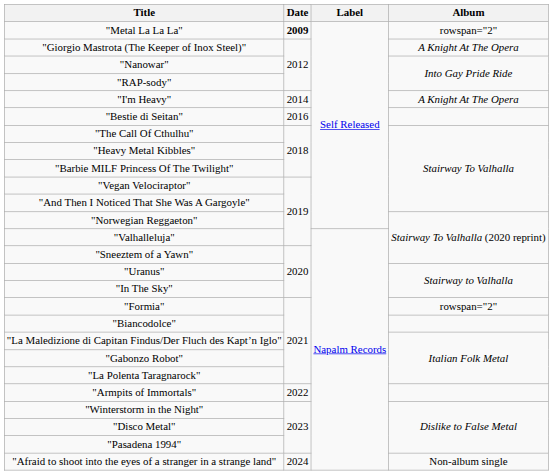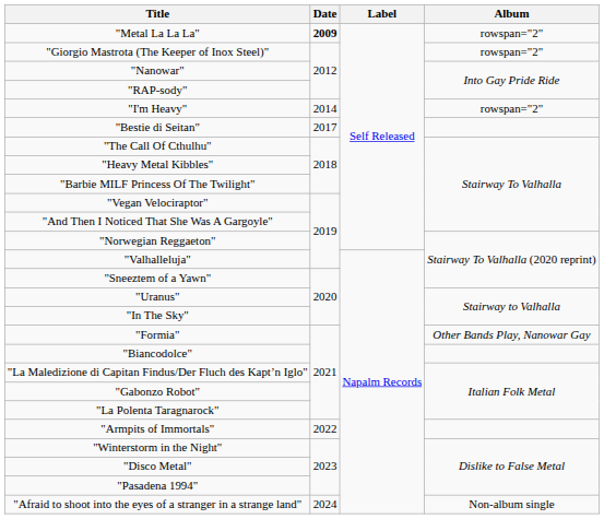 <table class="wikitable plainrowheaders" style="text-align:center;">
 <tr>
 <th>Title</th>
 <th>Date</th>
 <th>Label</th>
 <th>Album</th>
 </tr>
 <tr>
 <td>"Metal La La La"</td>
 <td><strong>2009</strong></td>
 <td rowspan="12"><a href='#'>Self Released</a></td>
 <td>rowspan="2" </td>
 </tr>
 <tr>
 <td>"Giorgio Mastrota (The Keeper of Inox Steel)"</td>
 <td rowspan="3">2012</td>
-<td><em>A Knight At The Opera</em></td>
+<td>rowspan="2" </td>
 </tr>
 <tr>
 <td>"Nanowar"</td>
 <td rowspan="2"><em>Into Gay Pride Ride</em></td>
 </tr>
 <tr>
 <td>"RAP-sody" </td>
 </tr>
 <tr>
 <td>"I'm Heavy" </td>
 <td>2014</td>
-<td><em>A Knight At The Opera</em></td>
+<td>rowspan="2" </td>
 </tr>
 <tr>
 <td>"Bestie di Seitan"</td>
-<td>2016</td>
+<td>2017</td>
 </tr>
 <tr>
 <td>"The Call Of Cthulhu"</td>
 <td rowspan="3">2018</td>
 <td rowspan="5"><em>Stairway To Valhalla</em></td>
 </tr>
 <tr>
 <td>"Heavy Metal Kibbles"</td>
 </tr>
 <tr>
 <td>"Barbie MILF Princess Of The Twilight"  </td>
 </tr>
 <tr>
 <td>"Vegan Velociraptor"</td>
 <td rowspan="4">2019</td>
 </tr>
 <tr>
 <td>"And Then I Noticed That She Was A Gargoyle"</td>
 </tr>
 <tr>
 <td>"Norwegian Reggaeton"</td>
 <td rowspan="3"><em>Stairway To Valhalla</em> (2020 reprint)</td>
 </tr>
 <tr>
 <td>"Valhalleluja"</td>
 <td rowspan="14"><a href='#'>Napalm Records</a></td>
 </tr>
 <tr>
 <td>"Sneeztem of a Yawn"</td>
 <td rowspan="3">2020</td>
 </tr>
 <tr>
 <td>"Uranus"  </td>
 <td rowspan="2"><em>Stairway to Valhalla</em></td>
 </tr>
 <tr>
 <td>"In The Sky" </td>
 </tr>
 <tr>
 <td>"Formia"</td>
 <td rowspan="5">2021</td>
-<td>rowspan="2" </td>
+<td><em>Other Bands Play, Nanowar Gay</em></td>
 </tr>
 <tr>
 <td>"Biancodolce"</td>
 </tr>
 <tr>
 <td>"La Maledizione di Capitan Findus/Der Fluch des Kapt’n Iglo"</td>
 <td rowspan="3"><em>Italian Folk Metal</em></td>
 </tr>
 <tr>
 <td>"Gabonzo Robot" </td>
 </tr>
 <tr>
 <td>"La Polenta Taragnarock"  </td>
 </tr>
 <tr>
 <td>"Armpits of Immortals" </td>
 <td>2022</td>
 <td></td>
 </tr>
 <tr>
 <td>"Winterstorm in the Night" </td>
 <td rowspan="3">2023</td>
 <td rowspan="3"><em>Dislike to False Metal</em></td>
 </tr>
 <tr>
 <td>"Disco Metal"</td>
 </tr>
 <tr>
 <td>"Pasadena 1994" </td>
 </tr>
 <tr>
 <td>"Afraid to shoot into the eyes of a stranger in a strange land"</td>
 <td>2024</td>
 <td>Non-album single</td>
 </tr>
 </table>
